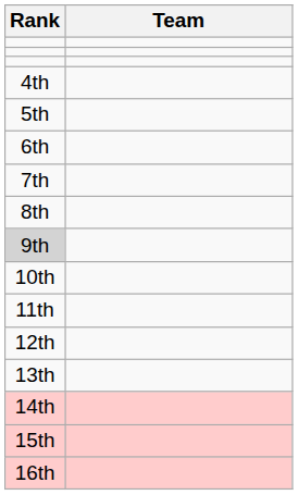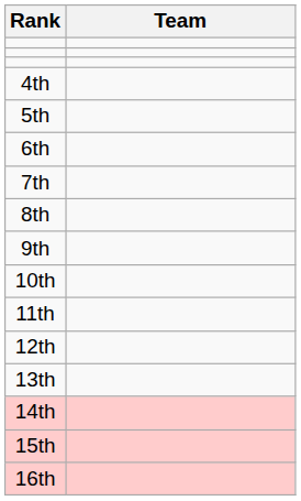 <table class=wikitable style="text-align:center;">
 <tr>
 <th>Rank</th>
 <th width=170>Team</th>
 </tr>
 <tr>
 <td></td>
 <td align=left></td>
 </tr>
 <tr>
 <td></td>
 <td align=left></td>
 </tr>
 <tr>
 <td></td>
 <td align=left></td>
 </tr>
 <tr>
 <td>4th</td>
 <td align=left></td>
 </tr>
 <tr>
 <td>5th</td>
 <td align=left></td>
 </tr>
 <tr>
 <td>6th</td>
 <td align=left></td>
 </tr>
 <tr>
 <td>7th</td>
 <td align=left></td>
 </tr>
 <tr>
 <td>8th</td>
 <td align=left></td>
 </tr>
 <tr>
-<td style="background: lightgrey;">9th</td>
+<td>9th</td>
 <td align=left></td>
 </tr>
 <tr>
 <td>10th</td>
 <td align=left></td>
 </tr>
 <tr>
 <td>11th</td>
 <td align=left></td>
 </tr>
 <tr>
 <td>12th</td>
 <td align=left></td>
 </tr>
 <tr>
 <td>13th</td>
 <td align=left></td>
 </tr>
 <tr bgcolor=#ffcccc>
 <td>14th</td>
 <td align=left></td>
 </tr>
 <tr bgcolor=#ffcccc>
 <td>15th</td>
 <td align=left></td>
 </tr>
 <tr bgcolor=#ffcccc>
 <td>16th</td>
 <td align=left></td>
 </tr>
 </table>
